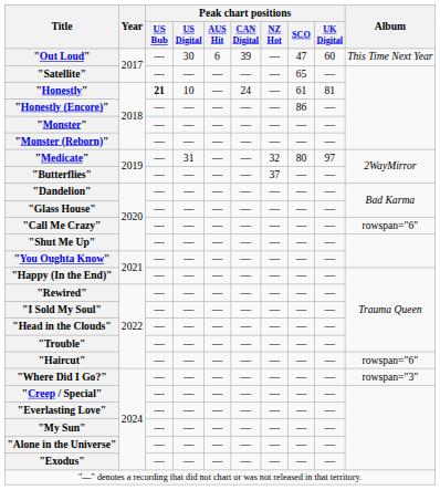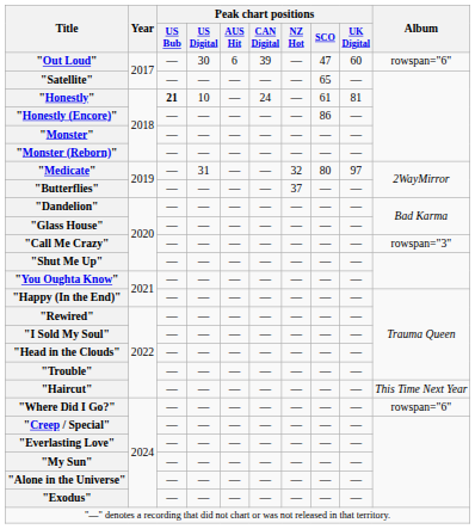 <table class="wikitable plainrowheaders" style="text-align:center">
 <tr>
 <th scope="col" rowspan="2">Title</th>
 <th scope="col" rowspan="2">Year</th>
 <th scope="col" colspan="7">Peak chart positions</th>
 <th scope="col" rowspan="2">Album</th>
 </tr>
 <tr>
 <th scope="col" style="width:2.5em;font-size:90%;"><a href='#'>US Bub</a><br></th>
 <th scope="col" style="width:2.5em;font-size:85%;"><a href='#'>US<br>Digital</a><br></th>
 <th scope="col" style="width:2.5em;font-size:85%;"><a href='#'>AUS Hit</a><br></th>
 <th scope="col" style="width:2.5em;font-size:85%;"><a href='#'>CAN<br>Digital</a><br></th>
 <th scope="col" style="width:2.5em;font-size:85%;"><a href='#'>NZ<br>Hot</a><br></th>
 <th scope="col" style="width:2.5em;font-size:85%;"><a href='#'>SCO</a><br></th>
 <th scope="col" style="width:2.5em;font-size:85%;"><a href='#'>UK<br>Digital</a><br></th>
 </tr>
 <tr>
 <th scope="row">"<a href='#'>Out Loud</a>"</th>
 <td rowspan="2">2017</td>
 <td>—</td>
 <td>30</td>
 <td>6</td>
 <td>39</td>
 <td>—</td>
 <td>47</td>
 <td>60</td>
-<td><em>This Time Next Year</em></td>
+<td>rowspan="6" </td>
 </tr>
 <tr>
 <th scope="row">"Satellite"</th>
 <td>—</td>
 <td>—</td>
 <td>—</td>
 <td>—</td>
 <td>—</td>
 <td>65</td>
 <td>—</td>
 </tr>
 <tr>
 <th scope="row">"<a href='#'>Honestly</a>"</th>
 <td rowspan="4">2018</td>
 <td><strong>21</strong></td>
 <td>10</td>
 <td>—</td>
 <td>24</td>
 <td>—</td>
 <td>61</td>
 <td>81</td>
 </tr>
 <tr>
 <th scope="row">"<a href='#'>Honestly (Encore)</a>"</th>
 <td>—</td>
 <td>—</td>
 <td>—</td>
 <td>—</td>
 <td>—</td>
 <td>86</td>
 <td>—</td>
 </tr>
 <tr>
 <th scope="row">"<a href='#'>Monster</a>"</th>
 <td>—</td>
 <td>—</td>
 <td>—</td>
 <td>—</td>
 <td>—</td>
 <td>—</td>
 <td>—</td>
 </tr>
 <tr>
 <th scope="row">"<a href='#'>Monster (Reborn)</a>"</th>
 <td>—</td>
 <td>—</td>
 <td>—</td>
 <td>—</td>
 <td>—</td>
 <td>—</td>
 <td>—</td>
 </tr>
 <tr>
 <th scope="row">"<a href='#'>Medicate</a>"</th>
 <td rowspan="2">2019</td>
 <td>—</td>
 <td>31</td>
 <td>—</td>
 <td>—</td>
 <td>32</td>
 <td>80</td>
 <td>97</td>
 <td rowspan="2"><em>2WayMirror</em></td>
 </tr>
 <tr>
 <th scope="row">"Butterflies"</th>
 <td>—</td>
 <td>—</td>
 <td>—</td>
 <td>—</td>
 <td>37</td>
 <td>—</td>
 <td>—</td>
 </tr>
 <tr>
 <th scope="row">"Dandelion"</th>
 <td rowspan="4">2020</td>
 <td>—</td>
 <td>—</td>
 <td>—</td>
 <td>—</td>
 <td>—</td>
 <td>—</td>
 <td>—</td>
 <td rowspan="2"><em>Bad Karma</em></td>
 </tr>
 <tr>
 <th scope="row">"Glass House"</th>
 <td>—</td>
 <td>—</td>
 <td>—</td>
 <td>—</td>
 <td>—</td>
 <td>—</td>
 <td>—</td>
 </tr>
 <tr>
 <th scope="row">"Call Me Crazy"</th>
 <td>—</td>
 <td>—</td>
 <td>—</td>
 <td>—</td>
 <td>—</td>
 <td>—</td>
 <td>—</td>
-<td>rowspan="6" </td>
+<td>rowspan="3" </td>
 </tr>
 <tr>
 <th scope="row">"Shut Me Up"</th>
 <td>—</td>
 <td>—</td>
 <td>—</td>
 <td>—</td>
 <td>—</td>
 <td>—</td>
 <td>—</td>
 </tr>
 <tr>
 <th scope="row">"<a href='#'>You Oughta Know</a>"</th>
 <td rowspan="2">2021</td>
 <td>—</td>
 <td>—</td>
 <td>—</td>
 <td>—</td>
 <td>—</td>
 <td>—</td>
 <td>—</td>
 </tr>
 <tr>
 <th scope="row">"Happy (In the End)"</th>
 <td>—</td>
 <td>—</td>
 <td>—</td>
 <td>—</td>
 <td>—</td>
 <td>—</td>
 <td>—</td>
 <td rowspan="5"><em>Trauma Queen</em></td>
 </tr>
 <tr>
 <th scope="row">"Rewired"</th>
 <td rowspan="5">2022</td>
 <td>—</td>
 <td>—</td>
 <td>—</td>
 <td>—</td>
 <td>—</td>
 <td>—</td>
 <td>—</td>
 </tr>
 <tr>
 <th scope="row">"I Sold My Soul"</th>
 <td>—</td>
 <td>—</td>
 <td>—</td>
 <td>—</td>
 <td>—</td>
 <td>—</td>
 <td>—</td>
 </tr>
 <tr>
 <th scope="row">"Head in the Clouds"</th>
 <td>—</td>
 <td>—</td>
 <td>—</td>
 <td>—</td>
 <td>—</td>
 <td>—</td>
 <td>—</td>
 </tr>
 <tr>
 <th scope="row">"Trouble"</th>
 <td>—</td>
 <td>—</td>
 <td>—</td>
 <td>—</td>
 <td>—</td>
 <td>—</td>
 <td>—</td>
 </tr>
 <tr>
 <th scope="row">"Haircut"</th>
 <td>—</td>
 <td>—</td>
 <td>—</td>
 <td>—</td>
 <td>—</td>
 <td>—</td>
 <td>—</td>
-<td>rowspan="6" </td>
+<td><em>This Time Next Year</em></td>
 </tr>
 <tr>
 <th scope="row">"Where Did I Go?"</th>
 <td rowspan="6">2024</td>
 <td>—</td>
 <td>—</td>
 <td>—</td>
 <td>—</td>
 <td>—</td>
 <td>—</td>
 <td>—</td>
-<td>rowspan="3" </td>
+<td>rowspan="6" </td>
 </tr>
 <tr>
 <th scope="row">"<a href='#'>Creep</a> / Special"</th>
 <td>—</td>
 <td>—</td>
 <td>—</td>
 <td>—</td>
 <td>—</td>
 <td>—</td>
 <td>—</td>
 </tr>
 <tr>
 <th scope="row">"Everlasting Love"</th>
 <td>—</td>
 <td>—</td>
 <td>—</td>
 <td>—</td>
 <td>—</td>
 <td>—</td>
 <td>—</td>
 </tr>
 <tr>
 <th scope="row">"My Sun"</th>
 <td>—</td>
 <td>—</td>
 <td>—</td>
 <td>—</td>
 <td>—</td>
 <td>—</td>
 <td>—</td>
 </tr>
 <tr>
 <th scope="row">"Alone in the Universe"</th>
 <td>—</td>
 <td>—</td>
 <td>—</td>
 <td>—</td>
 <td>—</td>
 <td>—</td>
 <td>—</td>
 </tr>
 <tr>
 <th scope="row">"Exodus"</th>
 <td>—</td>
 <td>—</td>
 <td>—</td>
 <td>—</td>
 <td>—</td>
 <td>—</td>
 <td>—</td>
 </tr>
 <tr>
 <td colspan="10" style="font-size:85%">"—" denotes a recording that did not chart or was not released in that territory.</td>
 </tr>
 </table>
